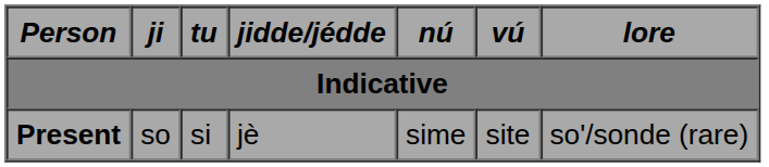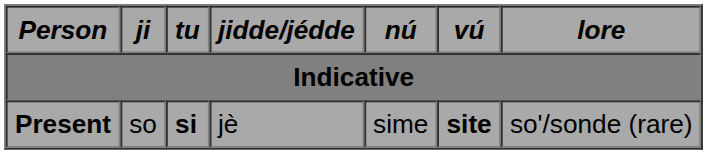 <table border="1" cellpadding="4" cellspacing="0" style="background: darkgray; font-size: 90%;">
 <tr>
 <th><em>Person</em></th>
 <th><em>ji</em></th>
 <th><em>tu</em></th>
 <th><em>jidde/jédde</em></th>
 <th><em>nú</em></th>
 <th><em>vú</em></th>
 <th><em>lore</em></th>
 </tr>
 <tr>
 <th style="background:gray" colspan="7">Indicative</th>
 </tr>
 <tr>
 <td><strong>Present</strong></td>
 <td>so</td>
-<td>si</td>
+<td><strong>si</strong></td>
 <td>jè</td>
 <td>sime</td>
-<td>site</td>
+<td><strong>site</strong></td>
 <td>so'/sonde (rare)</td>
 </tr>
 <tr>
 </tr>
 </table>
